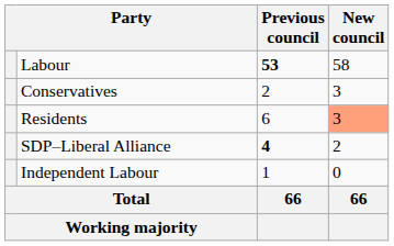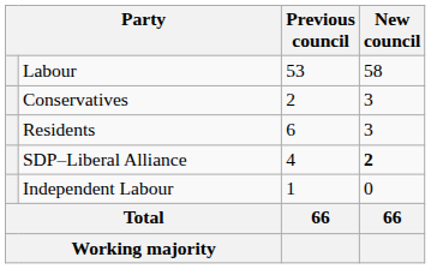 <table class="wikitable">
 <tr>
 <th valign=top colspan="2" style="width: 230px">Party</th>
 <th valign=top style="width: 30px">Previous council</th>
 <th valign=top style="width: 30px">New council</th>
 </tr>
 <tr>
 <th style="background-color: "></th>
 <td>Labour</td>
-<td><strong>53</strong></td>
+<td>53</td>
 <td>58</td>
 </tr>
 <tr>
 <th style="background-color: "></th>
 <td>Conservatives</td>
 <td>2</td>
 <td>3</td>
 </tr>
 <tr>
 <th style="background-color: "></th>
 <td>Residents</td>
 <td>6</td>
-<td style="background: lightsalmon;">3</td>
+<td>3</td>
 </tr>
 <tr>
 <th style="background-color: "></th>
 <td>SDP–Liberal Alliance</td>
-<td><strong>4</strong></td>
-<td>2</td>
+<td>4</td>
+<td><strong>2</strong></td>
 </tr>
 <tr>
 <th style="background-color: "></th>
 <td>Independent Labour</td>
 <td>1</td>
 <td>0</td>
 </tr>
 <tr>
 <th colspan=2>Total</th>
 <th style="text-align: center">66</th>
 <th colspan=3>66</th>
 </tr>
 <tr>
 <th colspan=2>Working majority</th>
 <th></th>
 <th></th>
 </tr>
 </table>
